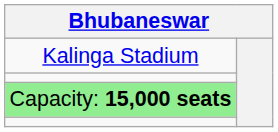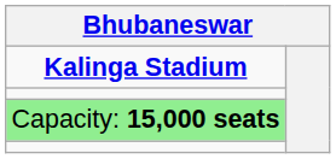 <table class="wikitable" style="text-align:center">
 <tr>
 <th colspan=2 width="20px"><a href='#'>Bhubaneswar</a></th>
 </tr>
 <tr>
-<td><a href='#'>Kalinga Stadium</a></td>
+<td><strong><a href='#'>Kalinga Stadium</a></strong></td>
 <th width="20px" rowspan=5></th>
 </tr>
 <tr>
 <td></td>
 </tr>
 <tr>
 <td style="background: lightgreen;">Capacity: <strong>15,000 seats</strong></td>
 </tr>
 <tr>
 <td></td>
 </tr>
 </table>
